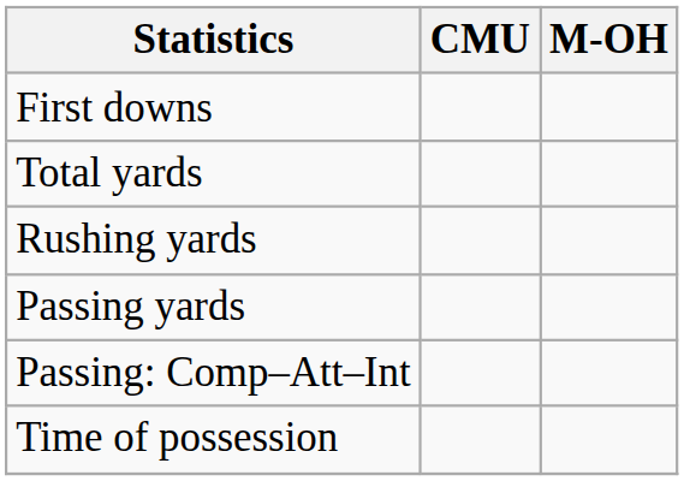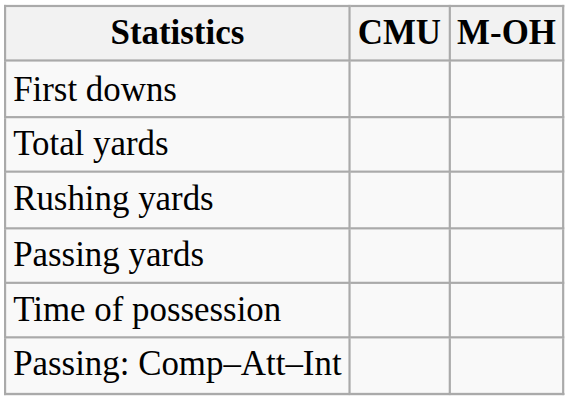 <table class="wikitable" style="float: left;">
 <tr>
 <th>Statistics</th>
 <th>CMU</th>
 <th>M-OH</th>
 </tr>
 <tr>
 <td>First downs</td>
 <td></td>
 <td></td>
 </tr>
 <tr>
 <td>Total yards</td>
 <td></td>
 <td></td>
 </tr>
 <tr>
 <td>Rushing yards</td>
 <td></td>
 <td></td>
 </tr>
 <tr>
 <td>Passing yards</td>
 <td></td>
 <td></td>
 </tr>
 <tr>
-<td>Passing: Comp–Att–Int</td>
+<td>Time of possession</td>
 <td></td>
 <td></td>
 </tr>
 <tr>
-<td>Time of possession</td>
+<td>Passing: Comp–Att–Int</td>
 <td></td>
 <td></td>
 </tr>
 <tr>
 </tr>
 </table>
